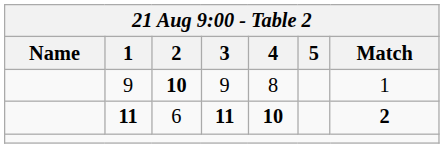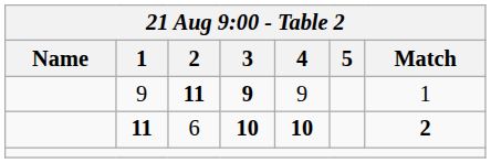 <table class=wikitable style="text-align:center; width: 55%">
 <tr>
 <th colspan=17><em>21 Aug 9:00 - Table 2</em></th>
 </tr>
 <tr>
 <th>Name</th>
 <th>1</th>
 <th>2</th>
 <th>3</th>
 <th>4</th>
 <th>5</th>
 <th>Match</th>
 </tr>
 <tr>
 <td style="text-align:left;"></td>
 <td>9</td>
-<td><strong>10</strong></td>
+<td><strong>11</strong></td>
+<td><strong>9</strong></td>
 <td>9</td>
-<td>8</td>
 <td></td>
 <td>1</td>
 </tr>
 <tr>
 <td style="text-align:left;"><strong></strong></td>
 <td><strong>11</strong></td>
 <td>6</td>
-<td><strong>11</strong></td>
+<td><strong>10</strong></td>
 <td><strong>10</strong></td>
 <td></td>
 <td><strong>2</strong></td>
 </tr>
 <tr>
 <td colspan=17></td>
 </tr>
 </table>
